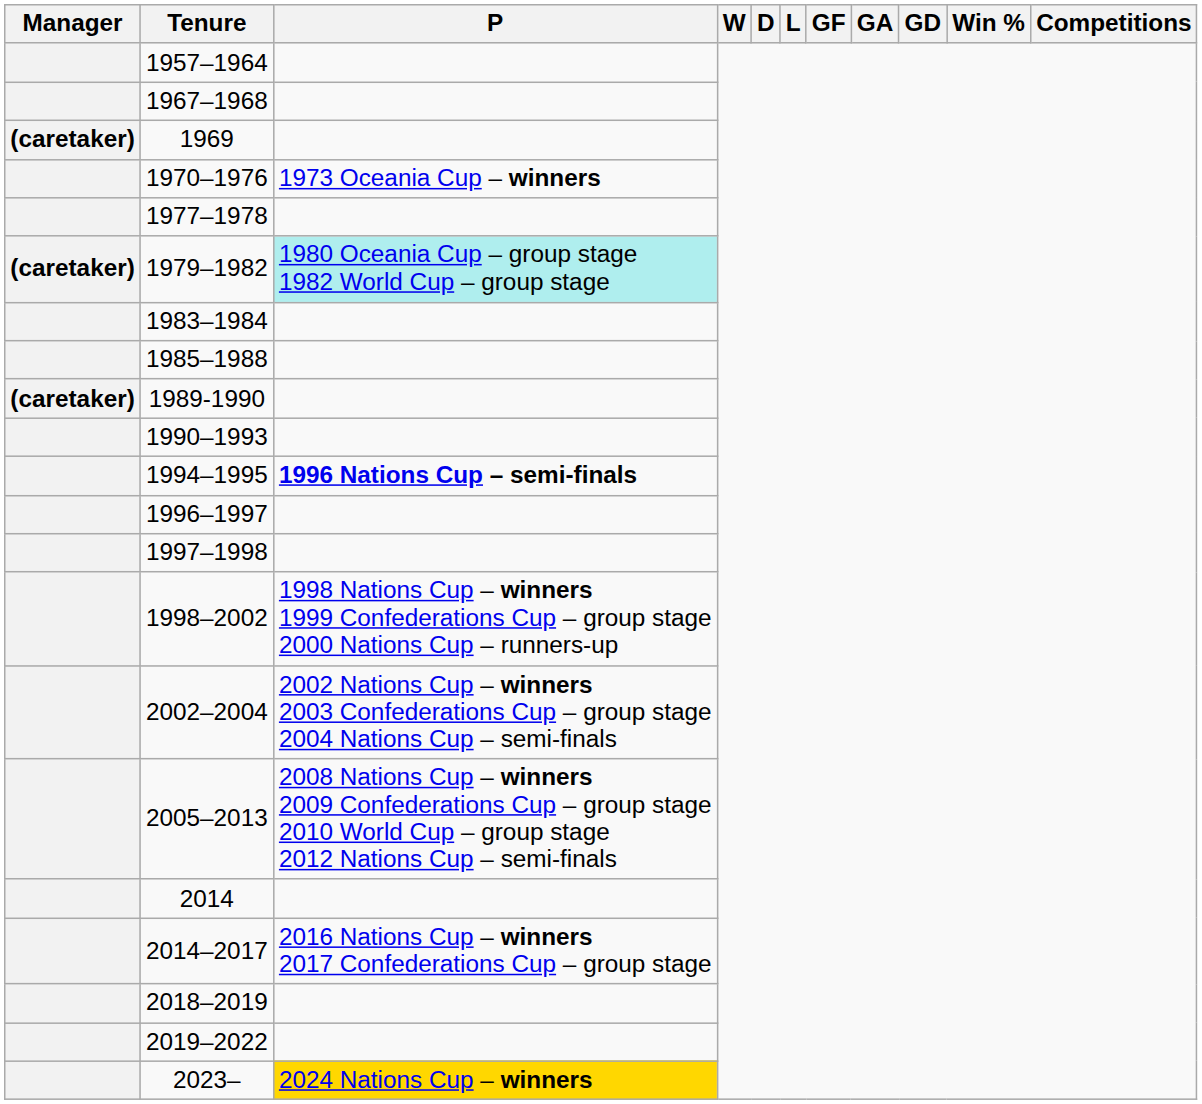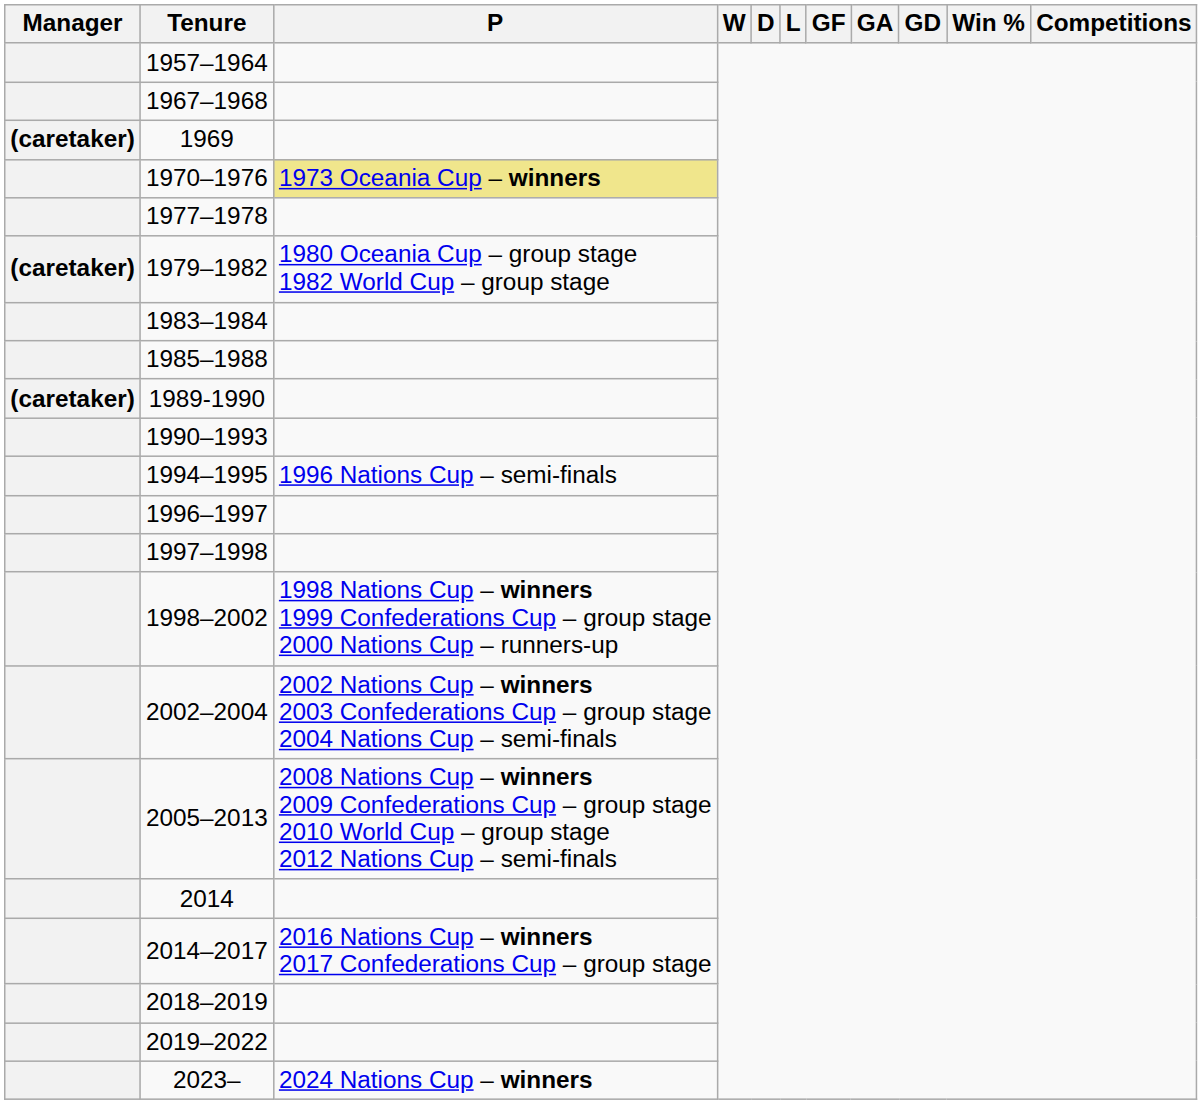 <table class="wikitable sortable plainrowheaders" style="text-align:center;">
 <tr>
 <th scope=col>Manager</th>
 <th scope=col>Tenure</th>
 <th scope=col>P</th>
 <th scope=col>W</th>
 <th scope=col>D</th>
 <th scope=col>L</th>
 <th scope=col>GF</th>
 <th scope=col>GA</th>
 <th scope=col>GD</th>
 <th scope=col>Win %</th>
 <th scope=col>Competitions</th>
 </tr>
 <tr>
 <th scope=row style="text-align: left;"> </th>
 <td>1957–1964<br></td>
 <td></td>
 </tr>
 <tr>
 <th scope=row style="text-align: left;"> </th>
 <td>1967–1968<br></td>
 <td></td>
 </tr>
 <tr>
 <th scope=row style="text-align: left;">  (caretaker)</th>
 <td>1969<br></td>
 <td></td>
 </tr>
 <tr>
 <th scope=row style="text-align: left;"> </th>
 <td>1970–1976<br></td>
-<td style="text-align: left;"><a href='#'>1973 Oceania Cup</a> – <strong>winners</strong></td>
+<td style="background: khaki; text-align: left;"><a href='#'>1973 Oceania Cup</a> – <strong>winners</strong></td>
 </tr>
 <tr>
 <th scope=row style="text-align: left;"> </th>
 <td>1977–1978<br></td>
 <td></td>
 </tr>
 <tr>
 <th scope=row style="text-align: left;">  (caretaker)</th>
 <td>1979–1982<br></td>
-<td style="background: paleturquoise; text-align: left;"><a href='#'>1980 Oceania Cup</a> – group stage<br><a href='#'>1982 World Cup</a> – group stage</td>
+<td style="text-align: left;"><a href='#'>1980 Oceania Cup</a> – group stage<br><a href='#'>1982 World Cup</a> – group stage</td>
 </tr>
 <tr>
 <th scope=row style="text-align: left;"> </th>
 <td>1983–1984<br></td>
 <td></td>
 </tr>
 <tr>
 <th scope=row style="text-align: left;"> </th>
 <td>1985–1988<br></td>
 <td></td>
 </tr>
 <tr>
 <th scope=row style="text-align: left;">  (caretaker)</th>
 <td>1989-1990<br></td>
 <td></td>
 </tr>
 <tr>
 <th scope=row style="text-align: left;"> </th>
 <td>1990–1993<br></td>
 <td></td>
 </tr>
 <tr>
 <th scope=row style="text-align: left;"> </th>
 <td>1994–1995<br></td>
-<td style="text-align: left;"><strong><a href='#'>1996 Nations Cup</a> – semi-finals</strong></td>
+<td style="text-align: left;"><a href='#'>1996 Nations Cup</a> – semi-finals</td>
 </tr>
 <tr>
 <th scope=row style="text-align: left;"> </th>
 <td>1996–1997<br></td>
 <td></td>
 </tr>
 <tr>
 <th scope=row style="text-align: left;"> </th>
 <td>1997–1998<br></td>
 <td></td>
 </tr>
 <tr>
 <th scope=row style="text-align: left;"> </th>
 <td>1998–2002<br></td>
 <td style="text-align: left;"><a href='#'>1998 Nations Cup</a> – <strong>winners</strong><br><a href='#'>1999 Confederations Cup</a> – group stage<br><a href='#'>2000 Nations Cup</a> – runners-up</td>
 </tr>
 <tr>
 <th scope=row style="text-align: left;"> </th>
 <td>2002–2004<br></td>
 <td style="text-align: left;"><a href='#'>2002 Nations Cup</a> – <strong>winners</strong><br><a href='#'>2003 Confederations Cup</a> – group stage<br><a href='#'>2004 Nations Cup</a> – semi-finals</td>
 </tr>
 <tr>
 <th scope=row style="text-align: left;"> </th>
 <td>2005–2013<br></td>
 <td style="text-align: left;"><a href='#'>2008 Nations Cup</a> – <strong>winners</strong><br><a href='#'>2009 Confederations Cup</a> – group stage<br><a href='#'>2010 World Cup</a> – group stage<br><a href='#'>2012 Nations Cup</a> – semi-finals</td>
 </tr>
 <tr>
 <th scope=row style="text-align: left;"> </th>
 <td>2014<br></td>
 <td></td>
 </tr>
 <tr>
 <th scope=row style="text-align: left;"> </th>
 <td>2014–2017<br></td>
 <td style="text-align: left;"><a href='#'>2016 Nations Cup</a> – <strong>winners</strong><br><a href='#'>2017 Confederations Cup</a> – group stage</td>
 </tr>
 <tr>
 <th scope=row style="text-align: left;"> </th>
 <td>2018–2019<br></td>
 <td></td>
 </tr>
 <tr>
 <th scope=row style="text-align: left;"> </th>
 <td>2019–2022<br></td>
 <td></td>
 </tr>
 <tr>
 <th scope=row style="text-align: left;"> </th>
 <td>2023–<br></td>
-<td style="background: gold; text-align: left;"><a href='#'>2024 Nations Cup</a> – <strong>winners</strong></td>
+<td style="text-align: left;"><a href='#'>2024 Nations Cup</a> – <strong>winners</strong></td>
 </tr>
 </table>
